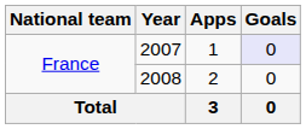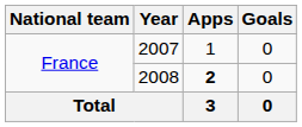 <table class="wikitable" style="text-align:center">
 <tr>
 <th>National team</th>
 <th>Year</th>
 <th>Apps</th>
 <th>Goals</th>
 </tr>
 <tr>
 <td rowspan="2"><a href='#'>France</a></td>
 <td>2007</td>
 <td>1</td>
-<td style="background: lavender;">0</td>
+<td>0</td>
 </tr>
 <tr>
 <td>2008</td>
-<td>2</td>
+<td><strong>2</strong></td>
 <td>0</td>
 </tr>
 <tr>
 <th colspan="2">Total</th>
 <th>3</th>
 <th>0</th>
 </tr>
 </table>
